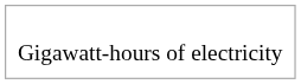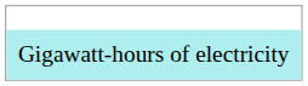 <table style="border:solid 1px #aaa;" cellpadding="8" cellspacing="0">
 <tr>
 <td></td>
 </tr>
 <tr>
-<td>Gigawatt-hours of electricity</td>
+<td style="background: paleturquoise;">Gigawatt-hours of electricity</td>
 </tr>
 </table>
